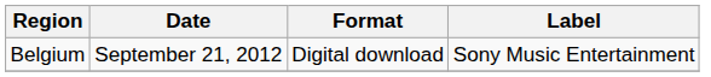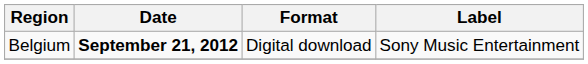 <table class="wikitable">
 <tr>
 <th>Region</th>
 <th>Date</th>
 <th>Format</th>
 <th>Label</th>
 </tr>
 <tr>
 <td>Belgium</td>
-<td>September 21, 2012</td>
+<td><strong>September 21, 2012</strong></td>
 <td>Digital download</td>
 <td>Sony Music Entertainment</td>
 </tr>
 <tr>
 </tr>
 </table>
